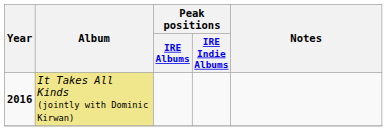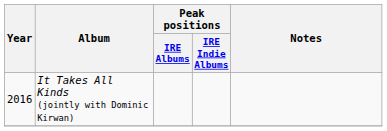 <table class="wikitable">
 <tr>
 <th rowspan="2" style="text-align:center; width:10px;">Year</th>
 <th rowspan="2" style="text-align:center; width:140px;">Album</th>
 <th colspan="2" style="text-align:center; width:20px;">Peak positions</th>
 <th rowspan="2" style="text-align:center; width:180px;">Notes</th>
 </tr>
 <tr>
 <th scope="col" style="width:3em;font-size:90%;"><a href='#'>IRE <br>Albums</a><br></th>
 <th scope="col" style="width:3em;font-size:90%;"><a href='#'>IRE <br>Indie <br>Albums</a></th>
 </tr>
 <tr>
-<td style="text-align:center;"><strong>2016</strong></td>
-<td style="background: khaki;"><em>It Takes All Kinds</em> <br><small>(jointly with Dominic Kirwan)</small></td>
+<td style="text-align:center;">2016</td>
+<td><em>It Takes All Kinds</em> <br><small>(jointly with Dominic Kirwan)</small></td>
 <td style="text-align:center;"></td>
 <td style="text-align:center;"></td>
 <td><br></td>
 </tr>
 <tr>
 </tr>
 </table>
